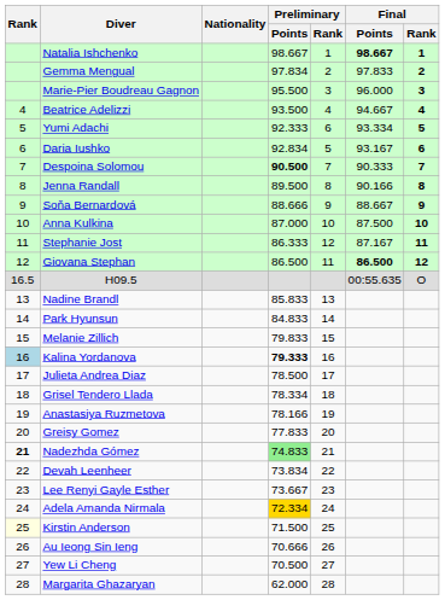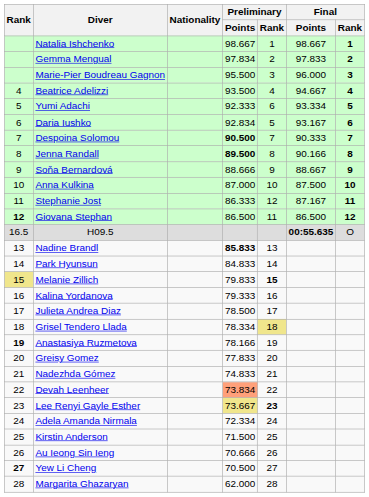 <table class="wikitable" style="text-align:center">
 <tr>
 <th rowspan="2">Rank</th>
 <th rowspan="2">Diver</th>
 <th rowspan="2">Nationality</th>
 <th colspan="2">Preliminary</th>
 <th colspan="2">Final</th>
 </tr>
 <tr>
 <th>Points</th>
 <th>Rank</th>
 <th>Points</th>
 <th>Rank</th>
 </tr>
 <tr bgcolor=ccffcc>
 <td></td>
 <td align=left><a href='#'>Natalia Ishchenko</a></td>
 <td align=left></td>
 <td>98.667</td>
 <td>1</td>
-<td><strong>98.667</strong></td>
+<td>98.667</td>
 <td><strong>1</strong></td>
 </tr>
 <tr bgcolor=ccffcc>
 <td></td>
 <td align=left><a href='#'>Gemma Mengual</a></td>
 <td align=left></td>
 <td>97.834</td>
 <td>2</td>
 <td>97.833</td>
 <td><strong>2</strong></td>
 </tr>
 <tr bgcolor=ccffcc>
 <td></td>
 <td align=left><a href='#'>Marie-Pier Boudreau Gagnon</a></td>
 <td align=left></td>
 <td>95.500</td>
 <td>3</td>
 <td>96.000</td>
 <td><strong>3</strong></td>
 </tr>
 <tr bgcolor=ccffcc>
 <td>4</td>
 <td align=left><a href='#'>Beatrice Adelizzi</a></td>
 <td align=left></td>
 <td>93.500</td>
 <td>4</td>
 <td>94.667</td>
 <td><strong>4</strong></td>
 </tr>
 <tr bgcolor=ccffcc>
 <td>5</td>
 <td align=left><a href='#'>Yumi Adachi</a></td>
 <td align=left></td>
 <td>92.333</td>
 <td>6</td>
 <td>93.334</td>
 <td><strong>5</strong></td>
 </tr>
 <tr bgcolor=ccffcc>
 <td>6</td>
 <td align=left><a href='#'>Daria Iushko</a></td>
 <td align=left></td>
 <td>92.834</td>
 <td>5</td>
 <td>93.167</td>
 <td><strong>6</strong></td>
 </tr>
 <tr bgcolor=ccffcc>
 <td>7</td>
 <td align=left><a href='#'>Despoina Solomou</a></td>
 <td align=left></td>
 <td><strong>90.500</strong></td>
 <td>7</td>
 <td>90.333</td>
 <td><strong>7</strong></td>
 </tr>
 <tr bgcolor=ccffcc>
 <td>8</td>
 <td align=left><a href='#'>Jenna Randall</a></td>
 <td align=left></td>
-<td>89.500</td>
+<td><strong>89.500</strong></td>
 <td>8</td>
 <td>90.166</td>
 <td><strong>8</strong></td>
 </tr>
 <tr bgcolor=ccffcc>
 <td>9</td>
 <td align=left><a href='#'>Soňa Bernardová</a></td>
 <td align=left></td>
 <td>88.666</td>
 <td>9</td>
 <td>88.667</td>
 <td><strong>9 </strong></td>
 </tr>
 <tr bgcolor=ccffcc>
 <td>10</td>
 <td align=left><a href='#'>Anna Kulkina</a></td>
 <td align=left></td>
 <td>87.000</td>
 <td>10</td>
 <td>87.500</td>
 <td><strong>10</strong></td>
 </tr>
 <tr bgcolor=ccffcc>
 <td>11</td>
 <td align=left><a href='#'>Stephanie Jost</a></td>
 <td align=left></td>
 <td>86.333</td>
 <td>12</td>
 <td>87.167</td>
 <td><strong>11</strong></td>
 </tr>
 <tr bgcolor=ccffcc>
-<td>12</td>
+<td><strong>12</strong></td>
 <td align=left><a href='#'>Giovana Stephan</a></td>
 <td align=left></td>
 <td>86.500</td>
 <td>11</td>
-<td><strong>86.500</strong></td>
+<td>86.500</td>
 <td><strong>12</strong></td>
 </tr>
 <tr bgcolor=#DDDDDD>
 <td><span>16.5</span></td>
 <td><span>H09.5</span></td>
 <td></td>
 <td></td>
 <td></td>
-<td><span>00:55.635</span></td>
+<td><strong><span>00:55.635</span></strong></td>
 <td><span>O</span></td>
 </tr>
 <tr>
 <td>13</td>
 <td align=left><a href='#'>Nadine Brandl</a></td>
 <td align=left></td>
-<td>85.833</td>
+<td><strong>85.833</strong></td>
 <td>13</td>
 <td></td>
 <td><strong> </strong></td>
 </tr>
 <tr>
 <td>14</td>
 <td align=left><a href='#'>Park Hyunsun</a></td>
 <td align=left></td>
 <td>84.833</td>
 <td>14</td>
 <td></td>
 <td><strong> </strong></td>
 </tr>
 <tr>
-<td>15</td>
+<td style="background: khaki;">15</td>
 <td align=left><a href='#'>Melanie Zillich</a></td>
 <td align=left></td>
 <td>79.833</td>
-<td>15</td>
+<td><strong>15</strong></td>
 <td></td>
 <td><strong> </strong></td>
 </tr>
 <tr>
-<td style="background: lightblue;">16</td>
+<td>16</td>
 <td align=left><a href='#'>Kalina Yordanova</a></td>
 <td align=left></td>
-<td><strong>79.333</strong></td>
+<td>79.333</td>
 <td>16</td>
 <td></td>
 <td><strong> </strong></td>
 </tr>
 <tr>
 <td>17</td>
 <td align=left><a href='#'>Julieta Andrea Diaz</a></td>
 <td align=left></td>
 <td>78.500</td>
 <td>17</td>
 <td></td>
 <td><strong> </strong></td>
 </tr>
 <tr>
 <td>18</td>
 <td align=left><a href='#'>Grisel Tendero Llada</a></td>
 <td align=left></td>
 <td>78.334</td>
-<td>18</td>
+<td style="background: khaki;">18</td>
 <td></td>
 <td><strong> </strong></td>
 </tr>
 <tr>
-<td>19</td>
+<td><strong>19</strong></td>
 <td align=left><a href='#'>Anastasiya Ruzmetova</a></td>
 <td align=left></td>
 <td>78.166</td>
 <td>19</td>
 <td></td>
 <td><strong> </strong></td>
 </tr>
 <tr>
 <td>20</td>
 <td align=left><a href='#'>Greisy Gomez</a></td>
 <td align=left></td>
 <td>77.833</td>
 <td>20</td>
 <td></td>
 <td><strong> </strong></td>
 </tr>
 <tr>
-<td><strong>21</strong></td>
+<td>21</td>
 <td align=left><a href='#'>Nadezhda Gómez</a></td>
 <td align=left></td>
-<td style="background: lightgreen;">74.833</td>
+<td>74.833</td>
 <td>21</td>
 <td></td>
 <td><strong> </strong></td>
 </tr>
 <tr>
 <td>22</td>
 <td align=left><a href='#'>Devah Leenheer</a></td>
 <td align=left></td>
-<td>73.834</td>
+<td style="background: lightsalmon;">73.834</td>
 <td>22</td>
 <td></td>
 <td><strong> </strong></td>
 </tr>
 <tr>
 <td>23</td>
 <td align=left><a href='#'>Lee Renyi Gayle Esther</a></td>
 <td align=left></td>
-<td>73.667</td>
-<td>23</td>
+<td style="background: khaki;">73.667</td>
+<td><strong>23</strong></td>
 <td></td>
 <td><strong> </strong></td>
 </tr>
 <tr>
 <td>24</td>
 <td align=left><a href='#'>Adela Amanda Nirmala</a></td>
 <td align=left></td>
-<td style="background: gold;">72.334</td>
+<td>72.334</td>
 <td>24</td>
 <td></td>
 <td><strong> </strong></td>
 </tr>
 <tr>
-<td style="background: lightyellow;">25</td>
+<td>25</td>
 <td align=left><a href='#'>Kirstin Anderson</a></td>
 <td align=left></td>
 <td>71.500</td>
 <td>25</td>
 <td></td>
 <td><strong> </strong></td>
 </tr>
 <tr>
 <td>26</td>
 <td align=left><a href='#'>Au Ieong Sin Ieng</a></td>
 <td align=left></td>
 <td>70.666</td>
 <td>26</td>
 <td></td>
 <td><strong> </strong></td>
 </tr>
 <tr>
-<td>27</td>
+<td><strong>27</strong></td>
 <td align=left><a href='#'>Yew Li Cheng</a></td>
 <td align=left></td>
 <td>70.500</td>
 <td>27</td>
 <td></td>
 <td><strong> </strong></td>
 </tr>
 <tr>
 <td>28</td>
 <td align=left><a href='#'>Margarita Ghazaryan</a></td>
 <td align=left></td>
 <td>62.000</td>
 <td>28</td>
 <td></td>
 <td><strong> </strong></td>
 </tr>
 </table>
